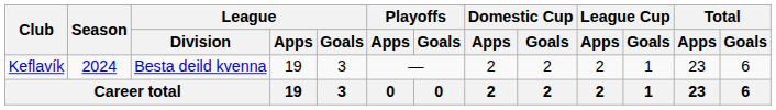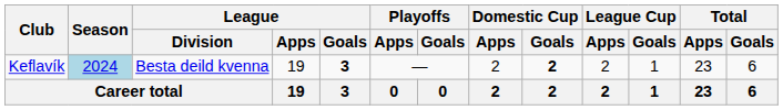 <table class="wikitable" style="text-align: center;">
 <tr>
 <th rowspan="2">Club</th>
 <th rowspan="2">Season</th>
 <th colspan="3">League</th>
 <th colspan="2">Playoffs</th>
 <th colspan="2">Domestic Cup</th>
 <th colspan="2">League Cup</th>
 <th colspan="2">Total</th>
 </tr>
 <tr>
 <th>Division</th>
 <th>Apps</th>
 <th>Goals</th>
 <th>Apps</th>
 <th>Goals</th>
 <th>Apps</th>
 <th>Goals</th>
 <th>Apps</th>
 <th>Goals</th>
 <th>Apps</th>
 <th>Goals</th>
 </tr>
 <tr>
 <td><a href='#'>Keflavík</a></td>
-<td><a href='#'>2024</a></td>
+<td style="background: lightblue;"><a href='#'>2024</a></td>
 <td><a href='#'>Besta deild kvenna</a></td>
 <td>19</td>
-<td>3</td>
+<td><strong>3</strong></td>
 <td colspan="2">—</td>
 <td>2</td>
-<td>2</td>
+<td><strong>2</strong></td>
 <td>2</td>
 <td>1</td>
 <td>23</td>
 <td>6</td>
 </tr>
 <tr>
 <th colspan="3">Career total</th>
 <th>19</th>
 <th>3</th>
 <th>0</th>
 <th>0</th>
 <th>2</th>
 <th>2</th>
 <th>2</th>
 <th>1</th>
 <th>23</th>
 <th>6</th>
 </tr>
 </table>
